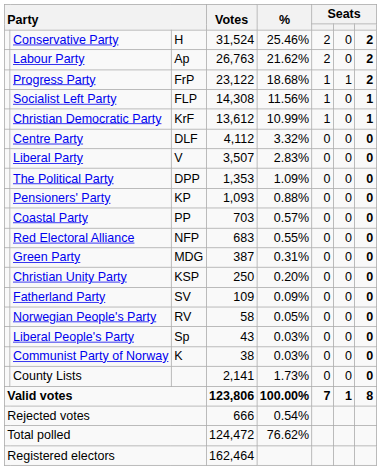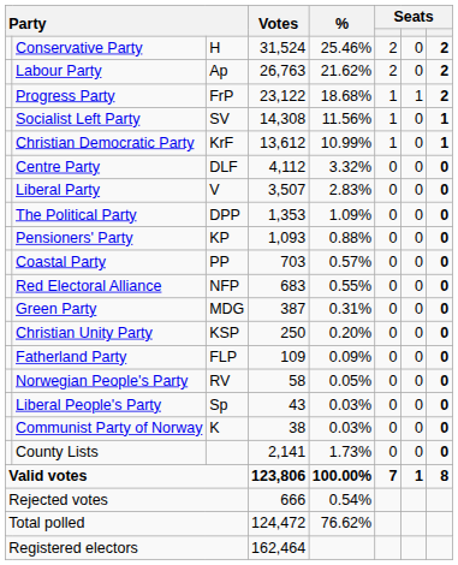 <table class="wikitable" border="1" style="text-align:right;">
 <tr>
 <th style="text-align:left;" valign=bottom rowspan=2 colspan=3>Party</th>
 <th align=center valign=bottom rowspan=2 width="50">Votes</th>
 <th align=center valign=bottom rowspan=2 width="50">%</th>
 <th colspan=3>Seats</th>
 </tr>
 <tr>
 <th align=center valign=bottom width="20"><small></small></th>
 <th align=center valign=bottom width="20"><small><a href='#'></a></small></th>
 <th align=center valign=bottom width="20"><small></small></th>
 </tr>
 <tr>
 <td style="color:inherit;background:"></td>
 <td align=left><a href='#'>Conservative Party</a></td>
 <td align=left>H</td>
 <td>31,524</td>
 <td>25.46%</td>
 <td>2</td>
 <td>0</td>
 <td><strong>2</strong></td>
 </tr>
 <tr>
 <td style="color:inherit;background:"></td>
 <td align=left><a href='#'>Labour Party</a></td>
 <td align=left>Ap</td>
 <td>26,763</td>
 <td>21.62%</td>
 <td>2</td>
 <td>0</td>
 <td><strong>2</strong></td>
 </tr>
 <tr>
 <td style="color:inherit;background:"></td>
 <td align=left><a href='#'>Progress Party</a></td>
 <td align=left>FrP</td>
 <td>23,122</td>
 <td>18.68%</td>
 <td>1</td>
 <td>1</td>
 <td><strong>2</strong></td>
 </tr>
 <tr>
 <td style="color:inherit;background:"></td>
 <td align=left><a href='#'>Socialist Left Party</a></td>
-<td align=left>FLP</td>
+<td align=left>SV</td>
 <td>14,308</td>
 <td>11.56%</td>
 <td>1</td>
 <td>0</td>
 <td><strong>1</strong></td>
 </tr>
 <tr>
 <td style="color:inherit;background:"></td>
 <td align=left><a href='#'>Christian Democratic Party</a></td>
 <td align=left>KrF</td>
 <td>13,612</td>
 <td>10.99%</td>
 <td>1</td>
 <td>0</td>
 <td><strong>1</strong></td>
 </tr>
 <tr>
 <td style="color:inherit;background:"></td>
 <td align=left><a href='#'>Centre Party</a></td>
 <td align=left>DLF</td>
 <td>4,112</td>
 <td>3.32%</td>
 <td>0</td>
 <td>0</td>
 <td><strong>0</strong></td>
 </tr>
 <tr>
 <td style="color:inherit;background:"></td>
 <td align=left><a href='#'>Liberal Party</a></td>
 <td align=left>V</td>
 <td>3,507</td>
 <td>2.83%</td>
 <td>0</td>
 <td>0</td>
 <td><strong>0</strong></td>
 </tr>
 <tr>
 <td style="color:inherit;background:"></td>
 <td align=left><a href='#'>The Political Party</a></td>
 <td align=left>DPP</td>
 <td>1,353</td>
 <td>1.09%</td>
 <td>0</td>
 <td>0</td>
 <td><strong>0</strong></td>
 </tr>
 <tr>
 <td style="color:inherit;background:"></td>
 <td align=left><a href='#'>Pensioners' Party</a></td>
 <td align=left>KP</td>
 <td>1,093</td>
 <td>0.88%</td>
 <td>0</td>
 <td>0</td>
 <td><strong>0</strong></td>
 </tr>
 <tr>
 <td style="color:inherit;background:"></td>
 <td align=left><a href='#'>Coastal Party</a></td>
 <td align=left>PP</td>
 <td>703</td>
 <td>0.57%</td>
 <td>0</td>
 <td>0</td>
 <td><strong>0</strong></td>
 </tr>
 <tr>
 <td style="color:inherit;background:"></td>
 <td align=left><a href='#'>Red Electoral Alliance</a></td>
 <td align=left>NFP</td>
 <td>683</td>
 <td>0.55%</td>
 <td>0</td>
 <td>0</td>
 <td><strong>0</strong></td>
 </tr>
 <tr>
 <td style="color:inherit;background:"></td>
 <td align=left><a href='#'>Green Party</a></td>
 <td align=left>MDG</td>
 <td>387</td>
 <td>0.31%</td>
 <td>0</td>
 <td>0</td>
 <td><strong>0</strong></td>
 </tr>
 <tr>
 <td style="color:inherit;background:"></td>
 <td align=left><a href='#'>Christian Unity Party</a></td>
 <td align=left>KSP</td>
 <td>250</td>
 <td>0.20%</td>
 <td>0</td>
 <td>0</td>
 <td><strong>0</strong></td>
 </tr>
 <tr>
 <td style="color:inherit;background:"></td>
 <td align=left><a href='#'>Fatherland Party</a></td>
-<td align=left>SV</td>
+<td align=left>FLP</td>
 <td>109</td>
 <td>0.09%</td>
 <td>0</td>
 <td>0</td>
 <td><strong>0</strong></td>
 </tr>
 <tr>
 <td style="color:inherit;background:"></td>
 <td align=left><a href='#'>Norwegian People's Party</a></td>
 <td align=left>RV</td>
 <td>58</td>
 <td>0.05%</td>
 <td>0</td>
 <td>0</td>
 <td><strong>0</strong></td>
 </tr>
 <tr>
 <td style="color:inherit;background:"></td>
 <td align=left><a href='#'>Liberal People's Party</a></td>
 <td align=left>Sp</td>
 <td>43</td>
 <td>0.03%</td>
 <td>0</td>
 <td>0</td>
 <td><strong>0</strong></td>
 </tr>
 <tr>
 <td style="color:inherit;background:"></td>
 <td align=left><a href='#'>Communist Party of Norway</a></td>
 <td align=left>K</td>
 <td>38</td>
 <td>0.03%</td>
 <td>0</td>
 <td>0</td>
 <td><strong>0</strong></td>
 </tr>
 <tr>
 <td></td>
 <td align=left>County Lists</td>
 <td align=left></td>
 <td>2,141</td>
 <td>1.73%</td>
 <td>0</td>
 <td>0</td>
 <td><strong>0</strong></td>
 </tr>
 <tr style="font-weight:bold">
 <td align=left colspan=3>Valid votes</td>
 <td>123,806</td>
 <td>100.00%</td>
 <td>7</td>
 <td>1</td>
 <td>8</td>
 </tr>
 <tr>
 <td align=left colspan=3>Rejected votes</td>
 <td>666</td>
 <td>0.54%</td>
 <td></td>
 <td></td>
 <td></td>
 </tr>
 <tr>
 <td align=left colspan=3>Total polled</td>
 <td>124,472</td>
 <td>76.62%</td>
 <td></td>
 <td></td>
 <td></td>
 </tr>
 <tr>
 <td align=left colspan=3>Registered electors</td>
 <td>162,464</td>
 <td></td>
 <td></td>
 <td></td>
 <td></td>
 </tr>
 </table>
